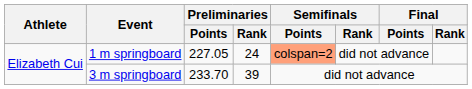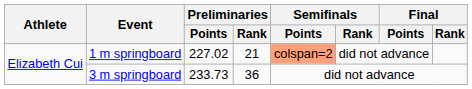 <table class=wikitable style="font-size:90%;">
 <tr>
 <th rowspan="2">Athlete</th>
 <th rowspan="2">Event</th>
 <th colspan="2">Preliminaries</th>
 <th colspan="2">Semifinals</th>
 <th colspan="2">Final</th>
 </tr>
 <tr style="font-size:95%">
 <th>Points</th>
 <th>Rank</th>
 <th>Points</th>
 <th>Rank</th>
 <th>Points</th>
 <th>Rank</th>
 </tr>
 <tr align=center>
 <td align=left rowspan=2><a href='#'>Elizabeth Cui</a></td>
 <td align=left><a href='#'>1 m springboard</a></td>
-<td>227.05</td>
-<td>24</td>
+<td>227.02</td>
+<td>21</td>
 <td style="background: lightsalmon;">colspan=2 </td>
 <td colspan=2>did not advance</td>
 </tr>
 <tr align=center>
 <td align=left><a href='#'>3 m springboard</a></td>
-<td>233.70</td>
-<td>39</td>
+<td>233.73</td>
+<td>36</td>
 <td colspan=4>did not advance</td>
 </tr>
 </table>
